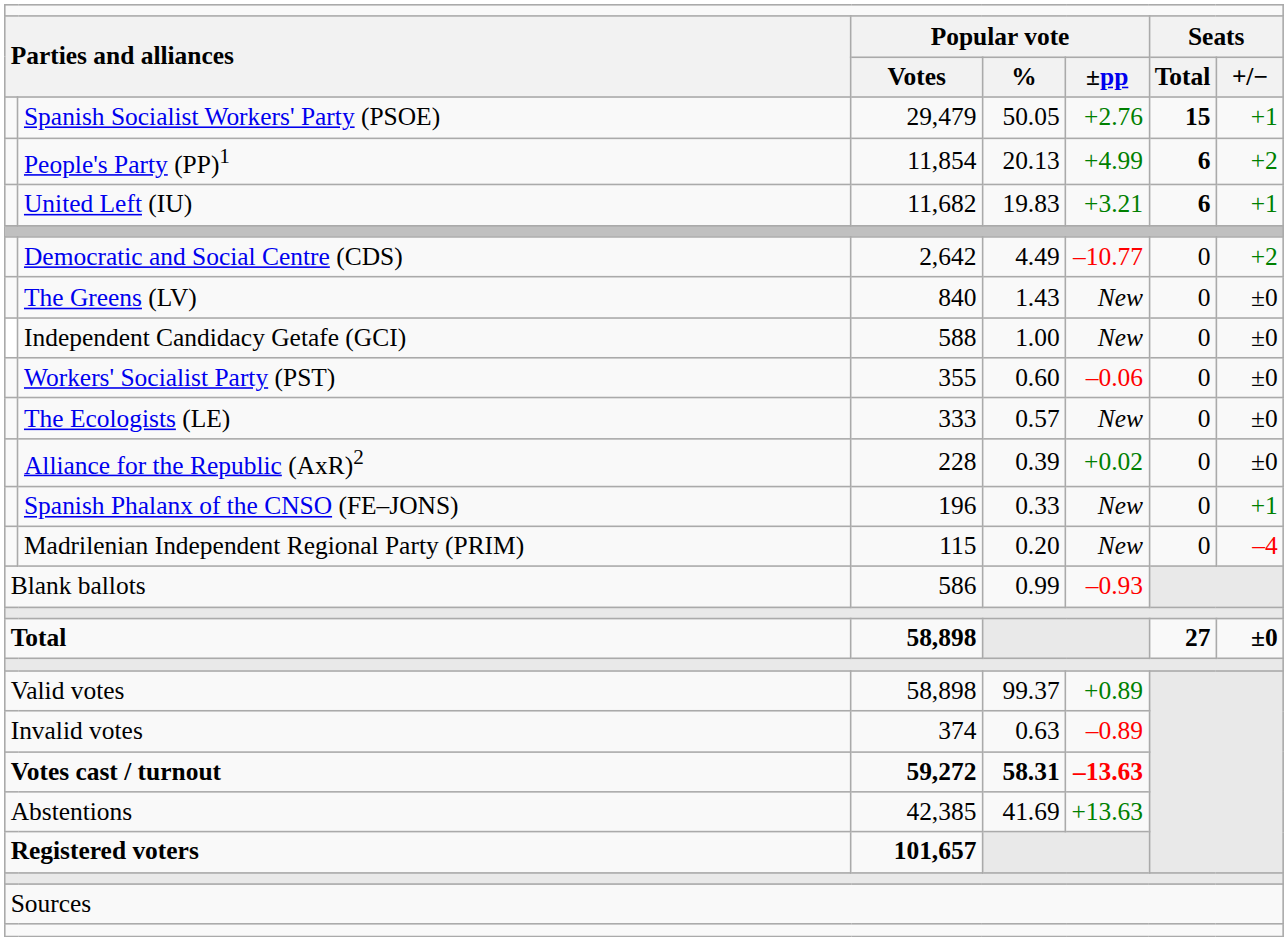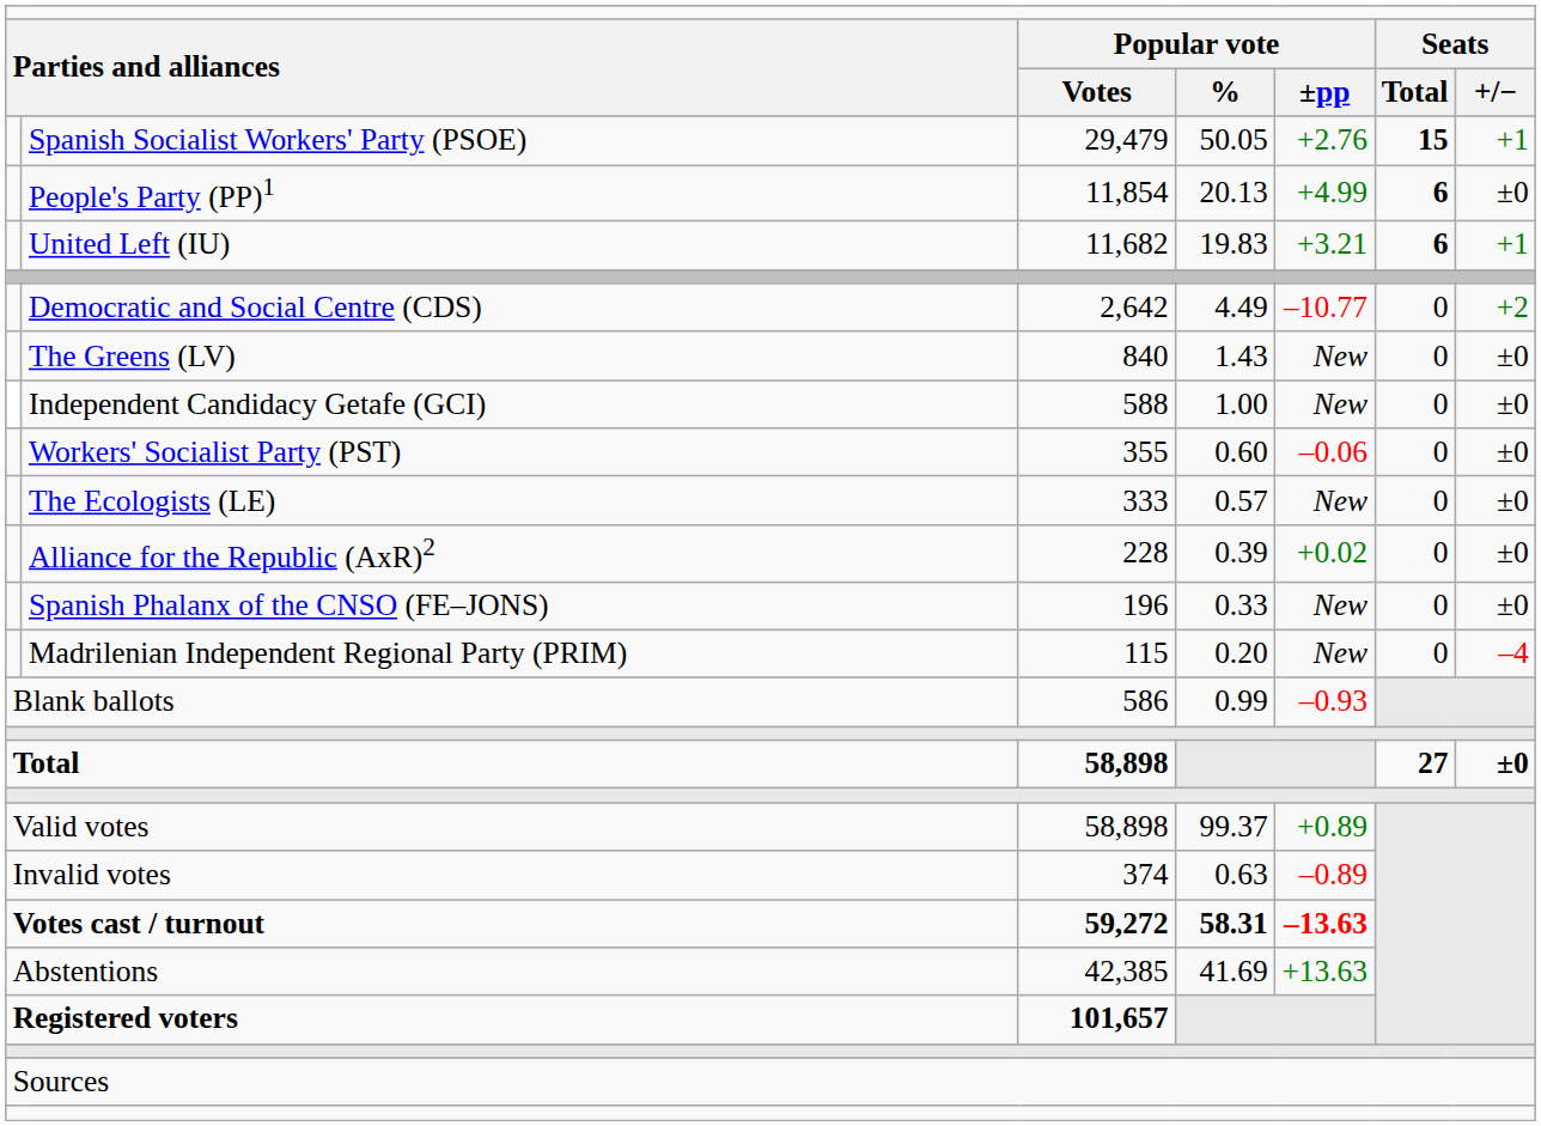 <table class="wikitable" style="text-align:right;">
 <tr>
 <td colspan="7"></td>
 </tr>
 <tr>
 <th style="text-align:left;" rowspan="2" colspan="2" width="525">Parties and alliances</th>
 <th colspan="3">Popular vote</th>
 <th colspan="2">Seats</th>
 </tr>
 <tr>
 <th width="75">Votes</th>
 <th width="45">%</th>
 <th width="45">±<a href='#'>pp</a></th>
 <th width="35">Total</th>
 <th width="35">+/−</th>
 </tr>
 <tr>
 <td width="1" style="color:inherit;background:"></td>
 <td align="left"><a href='#'>Spanish Socialist Workers' Party</a> (PSOE)</td>
 <td>29,479</td>
 <td>50.05</td>
 <td style="color:green;">+2.76</td>
 <td><strong>15</strong></td>
 <td style="color:green;">+1</td>
 </tr>
 <tr>
 <td style="color:inherit;background:"></td>
 <td align="left"><a href='#'>People's Party</a> (PP)<sup>1</sup></td>
 <td>11,854</td>
 <td>20.13</td>
 <td style="color:green;">+4.99</td>
 <td><strong>6</strong></td>
-<td style="color:green;">+2</td>
+<td>±0</td>
 </tr>
 <tr>
 <td style="color:inherit;background:"></td>
 <td align="left"><a href='#'>United Left</a> (IU)</td>
 <td>11,682</td>
 <td>19.83</td>
 <td style="color:green;">+3.21</td>
 <td><strong>6</strong></td>
 <td style="color:green;">+1</td>
 </tr>
 <tr>
 <td colspan="7" bgcolor="#C0C0C0"></td>
 </tr>
 <tr>
 <td style="color:inherit;background:"></td>
 <td align="left"><a href='#'>Democratic and Social Centre</a> (CDS)</td>
 <td>2,642</td>
 <td>4.49</td>
 <td style="color:red;">–10.77</td>
 <td>0</td>
 <td style="color:green;">+2</td>
 </tr>
 <tr>
 <td style="color:inherit;background:"></td>
 <td align="left"><a href='#'>The Greens</a> (LV)</td>
 <td>840</td>
 <td>1.43</td>
 <td><em>New</em></td>
 <td>0</td>
 <td>±0</td>
 </tr>
 <tr>
 <td bgcolor="white"></td>
 <td align="left">Independent Candidacy Getafe (GCI)</td>
 <td>588</td>
 <td>1.00</td>
 <td><em>New</em></td>
 <td>0</td>
 <td>±0</td>
 </tr>
 <tr>
 <td style="color:inherit;background:"></td>
 <td align="left"><a href='#'>Workers' Socialist Party</a> (PST)</td>
 <td>355</td>
 <td>0.60</td>
 <td style="color:red;">–0.06</td>
 <td>0</td>
 <td>±0</td>
 </tr>
 <tr>
 <td style="color:inherit;background:"></td>
 <td align="left"><a href='#'>The Ecologists</a> (LE)</td>
 <td>333</td>
 <td>0.57</td>
 <td><em>New</em></td>
 <td>0</td>
 <td>±0</td>
 </tr>
 <tr>
 <td style="color:inherit;background:"></td>
 <td align="left"><a href='#'>Alliance for the Republic</a> (AxR)<sup>2</sup></td>
 <td>228</td>
 <td>0.39</td>
 <td style="color:green;">+0.02</td>
 <td>0</td>
 <td>±0</td>
 </tr>
 <tr>
 <td style="color:inherit;background:"></td>
 <td align="left"><a href='#'>Spanish Phalanx of the CNSO</a> (FE–JONS)</td>
 <td>196</td>
 <td>0.33</td>
 <td><em>New</em></td>
 <td>0</td>
-<td style="color:green;">+1</td>
+<td>±0</td>
 </tr>
 <tr>
 <td style="color:inherit;background:"></td>
 <td align="left">Madrilenian Independent Regional Party (PRIM)</td>
 <td>115</td>
 <td>0.20</td>
 <td><em>New</em></td>
 <td>0</td>
 <td style="color:red;">–4</td>
 </tr>
 <tr>
 <td align="left" colspan="2">Blank ballots</td>
 <td>586</td>
 <td>0.99</td>
 <td style="color:red;">–0.93</td>
 <td bgcolor="#E9E9E9" colspan="2"></td>
 </tr>
 <tr>
 <td colspan="7" bgcolor="#E9E9E9"></td>
 </tr>
 <tr style="font-weight:bold;">
 <td align="left" colspan="2">Total</td>
 <td>58,898</td>
 <td bgcolor="#E9E9E9" colspan="2"></td>
 <td>27</td>
 <td>±0</td>
 </tr>
 <tr>
 <td colspan="7" bgcolor="#E9E9E9"></td>
 </tr>
 <tr>
 <td align="left" colspan="2">Valid votes</td>
 <td>58,898</td>
 <td>99.37</td>
 <td style="color:green;">+0.89</td>
 <td bgcolor="#E9E9E9" colspan="2" rowspan="5"></td>
 </tr>
 <tr>
 <td align="left" colspan="2">Invalid votes</td>
 <td>374</td>
 <td>0.63</td>
 <td style="color:red;">–0.89</td>
 </tr>
 <tr style="font-weight:bold;">
 <td align="left" colspan="2">Votes cast / turnout</td>
 <td>59,272</td>
 <td>58.31</td>
 <td style="color:red;">–13.63</td>
 </tr>
 <tr>
 <td align="left" colspan="2">Abstentions</td>
 <td>42,385</td>
 <td>41.69</td>
 <td style="color:green;">+13.63</td>
 </tr>
 <tr style="font-weight:bold;">
 <td align="left" colspan="2">Registered voters</td>
 <td>101,657</td>
 <td bgcolor="#E9E9E9" colspan="2"></td>
 </tr>
 <tr>
 <td colspan="7" bgcolor="#E9E9E9"></td>
 </tr>
 <tr>
 <td align="left" colspan="7">Sources</td>
 </tr>
 <tr>
 <td colspan="7" style="text-align:left; max-width:790px;"></td>
 </tr>
 </table>
